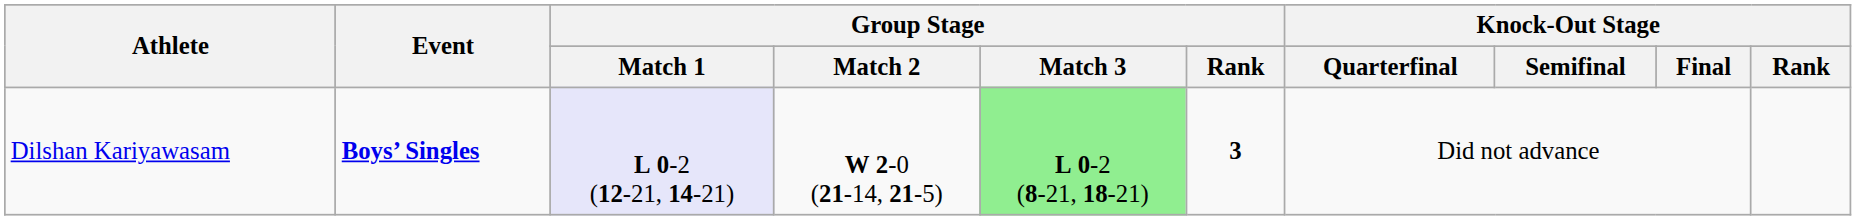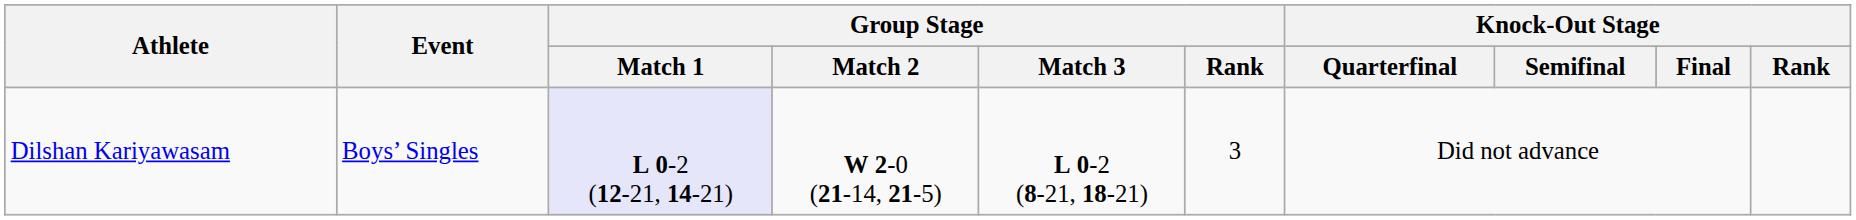 <table class="wikitable" width="85%" style="text-align:left; font-size:90%">
 <tr>
 <th rowspan=2>Athlete</th>
 <th rowspan=2>Event</th>
 <th colspan=4>Group Stage</th>
 <th colspan=4>Knock-Out Stage</th>
 </tr>
 <tr>
 <th>Match 1</th>
 <th>Match 2</th>
 <th>Match 3</th>
 <th>Rank</th>
 <th>Quarterfinal</th>
 <th>Semifinal</th>
 <th>Final</th>
 <th>Rank</th>
 </tr>
 <tr>
 <td><a href='#'>Dilshan Kariyawasam</a></td>
-<td><strong><a href='#'>Boys’ Singles</a></strong></td>
+<td><a href='#'>Boys’ Singles</a></td>
 <td align=center style="background: lavender;"> <br><br><strong>L</strong> <strong>0</strong>-2 <br> (<strong>12</strong>-21, <strong>14</strong>-21)</td>
 <td align=center> <br><br><strong>W</strong> <strong>2</strong>-0 <br> (<strong>21</strong>-14, <strong>21</strong>-5)</td>
-<td align=center style="background: lightgreen;"> <br><br><strong>L</strong> <strong>0</strong>-2 <br> (<strong>8</strong>-21, <strong>18</strong>-21)</td>
-<td align=center><strong>3</strong></td>
+<td align=center> <br><br><strong>L</strong> <strong>0</strong>-2 <br> (<strong>8</strong>-21, <strong>18</strong>-21)</td>
+<td align=center>3</td>
 <td colspan="3" align=center>Did not advance</td>
 <td align=center></td>
 </tr>
 </table>
